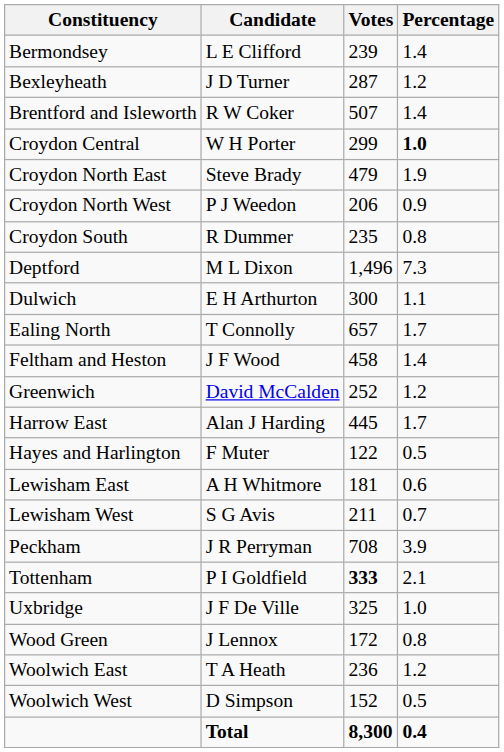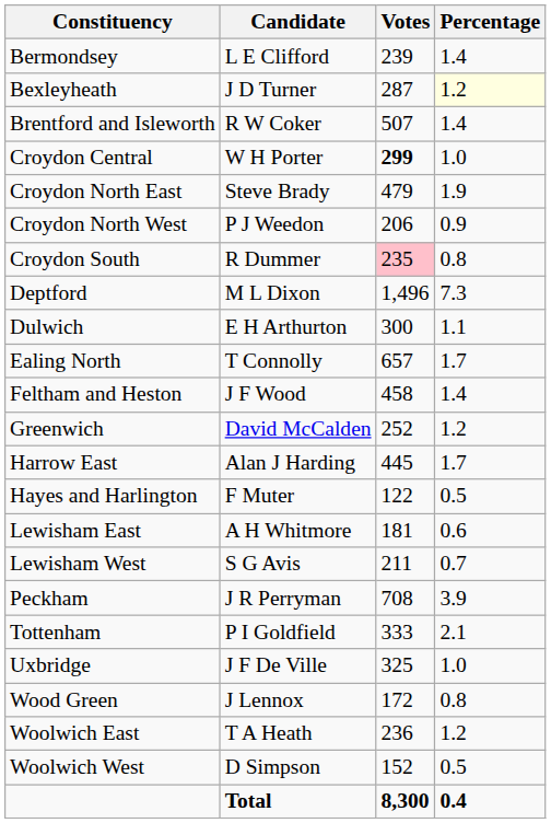 <table class="wikitable sortable">
 <tr>
 <th>Constituency</th>
 <th>Candidate</th>
 <th>Votes</th>
 <th>Percentage</th>
 </tr>
 <tr>
 <td>Bermondsey</td>
 <td>L E Clifford</td>
 <td>239</td>
 <td>1.4</td>
 </tr>
 <tr>
 <td>Bexleyheath</td>
 <td>J D Turner</td>
 <td>287</td>
-<td>1.2</td>
+<td style="background: lightyellow;">1.2</td>
 </tr>
 <tr>
 <td>Brentford and Isleworth</td>
 <td>R W Coker</td>
 <td>507</td>
 <td>1.4</td>
 </tr>
 <tr>
 <td>Croydon Central</td>
 <td>W H Porter</td>
-<td>299</td>
-<td><strong>1.0</strong></td>
+<td><strong>299</strong></td>
+<td>1.0</td>
 </tr>
 <tr>
 <td>Croydon North East</td>
 <td>Steve Brady</td>
 <td>479</td>
 <td>1.9</td>
 </tr>
 <tr>
 <td>Croydon North West</td>
 <td>P J Weedon</td>
 <td>206</td>
 <td>0.9</td>
 </tr>
 <tr>
 <td>Croydon South</td>
 <td>R Dummer</td>
-<td>235</td>
+<td style="background: pink;">235</td>
 <td>0.8</td>
 </tr>
 <tr>
 <td>Deptford</td>
 <td>M L Dixon</td>
 <td>1,496</td>
 <td>7.3</td>
 </tr>
 <tr>
 <td>Dulwich</td>
 <td>E H Arthurton</td>
 <td>300</td>
 <td>1.1</td>
 </tr>
 <tr>
 <td>Ealing North</td>
 <td>T Connolly</td>
 <td>657</td>
 <td>1.7</td>
 </tr>
 <tr>
 <td>Feltham and Heston</td>
 <td>J F Wood</td>
 <td>458</td>
 <td>1.4</td>
 </tr>
 <tr>
 <td>Greenwich</td>
 <td><a href='#'>David McCalden</a></td>
 <td>252</td>
 <td>1.2</td>
 </tr>
 <tr>
 <td>Harrow East</td>
 <td>Alan J Harding</td>
 <td>445</td>
 <td>1.7</td>
 </tr>
 <tr>
 <td>Hayes and Harlington</td>
 <td>F Muter</td>
 <td>122</td>
 <td>0.5</td>
 </tr>
 <tr>
 <td>Lewisham East</td>
 <td>A H Whitmore</td>
 <td>181</td>
 <td>0.6</td>
 </tr>
 <tr>
 <td>Lewisham West</td>
 <td>S G Avis</td>
 <td>211</td>
 <td>0.7</td>
 </tr>
 <tr>
 <td>Peckham</td>
 <td>J R Perryman</td>
 <td>708</td>
 <td>3.9</td>
 </tr>
 <tr>
 <td>Tottenham</td>
 <td>P I Goldfield</td>
-<td><strong>333</strong></td>
+<td>333</td>
 <td>2.1</td>
 </tr>
 <tr>
 <td>Uxbridge</td>
 <td>J F De Ville</td>
 <td>325</td>
 <td>1.0</td>
 </tr>
 <tr>
 <td>Wood Green</td>
 <td>J Lennox</td>
 <td>172</td>
 <td>0.8</td>
 </tr>
 <tr>
 <td>Woolwich East</td>
 <td>T A Heath</td>
 <td>236</td>
 <td>1.2</td>
 </tr>
 <tr>
 <td>Woolwich West</td>
 <td>D Simpson</td>
 <td>152</td>
 <td>0.5</td>
 </tr>
 <tr>
 <td></td>
 <td><strong>Total</strong></td>
 <td><strong>8,300</strong></td>
 <td><strong>0.4</strong></td>
 </tr>
 <tr>
 </tr>
 </table>
